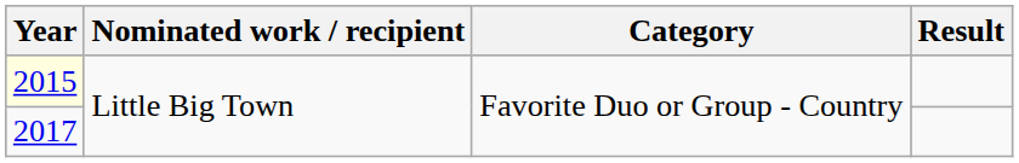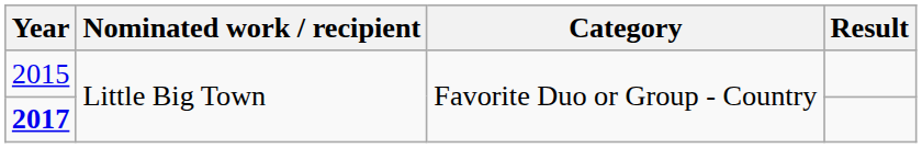 <table class="wikitable">
 <tr>
 <th>Year</th>
 <th>Nominated work / recipient</th>
 <th>Category</th>
 <th>Result</th>
 </tr>
 <tr>
-<td style="background: lightyellow;"><a href='#'>2015</a></td>
+<td><a href='#'>2015</a></td>
 <td rowspan=2>Little Big Town</td>
 <td rowspan=2>Favorite Duo or Group - Country</td>
 <td></td>
 </tr>
 <tr>
-<td><a href='#'>2017</a></td>
+<td><strong><a href='#'>2017</a></strong></td>
 <td></td>
 </tr>
 </table>
